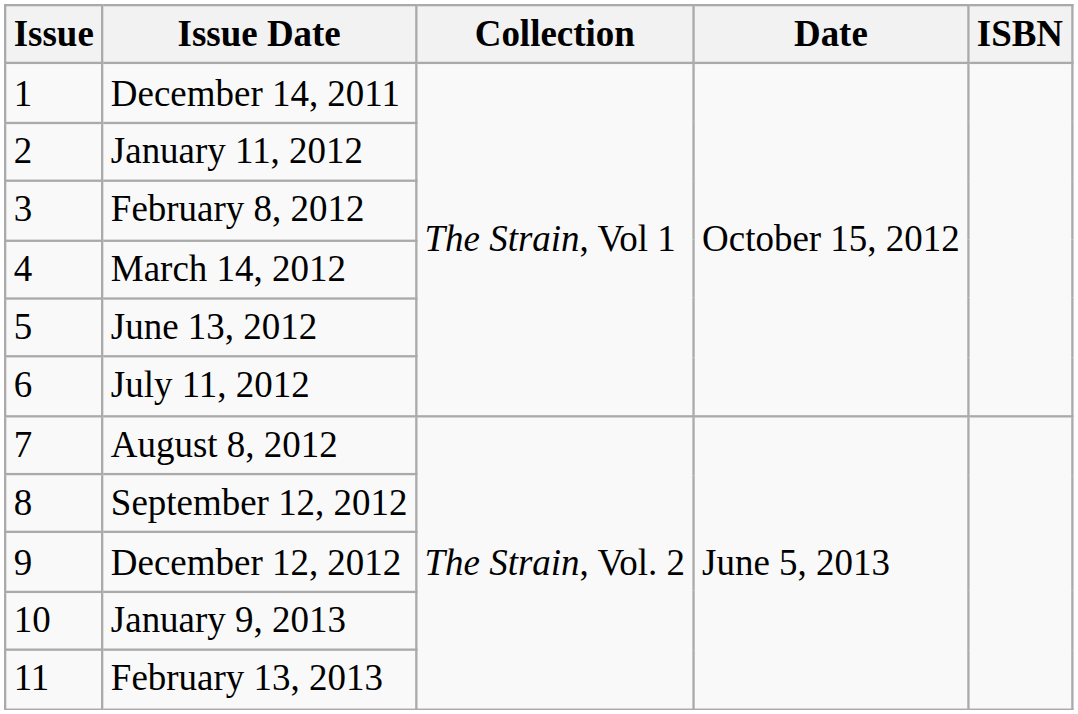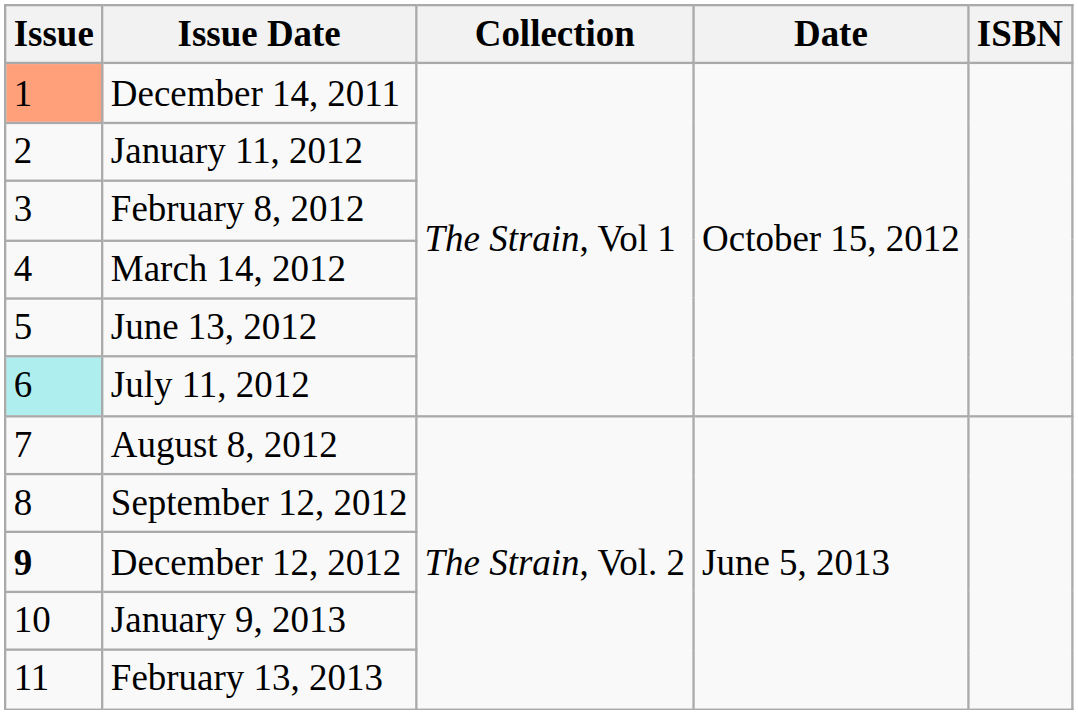 <table class="wikitable">
 <tr>
 <th>Issue</th>
 <th>Issue Date</th>
 <th>Collection</th>
 <th>Date</th>
 <th>ISBN</th>
 </tr>
 <tr>
-<td>1</td>
+<td style="background: lightsalmon;">1</td>
 <td>December 14, 2011</td>
 <td rowspan="6"><em>The Strain</em>, Vol 1</td>
 <td rowspan="6">October 15, 2012</td>
 <td rowspan="6"></td>
 </tr>
 <tr>
 <td>2</td>
 <td>January 11, 2012</td>
 </tr>
 <tr>
 <td>3</td>
 <td>February 8, 2012</td>
 </tr>
 <tr>
 <td>4</td>
 <td>March 14, 2012</td>
 </tr>
 <tr>
 <td>5</td>
 <td>June 13, 2012</td>
 </tr>
 <tr>
-<td>6</td>
+<td style="background: paleturquoise;">6</td>
 <td>July 11, 2012</td>
 </tr>
 <tr>
 <td>7</td>
 <td>August 8, 2012</td>
 <td rowspan="5"><em>The Strain</em>, Vol. 2</td>
 <td rowspan="5">June 5, 2013</td>
 <td rowspan="5"></td>
 </tr>
 <tr>
 <td>8</td>
 <td>September 12, 2012</td>
 </tr>
 <tr>
-<td>9</td>
+<td><strong>9</strong></td>
 <td>December 12, 2012</td>
 </tr>
 <tr>
 <td>10</td>
 <td>January 9, 2013</td>
 </tr>
 <tr>
 <td>11</td>
 <td>February 13, 2013</td>
 </tr>
 </table>
